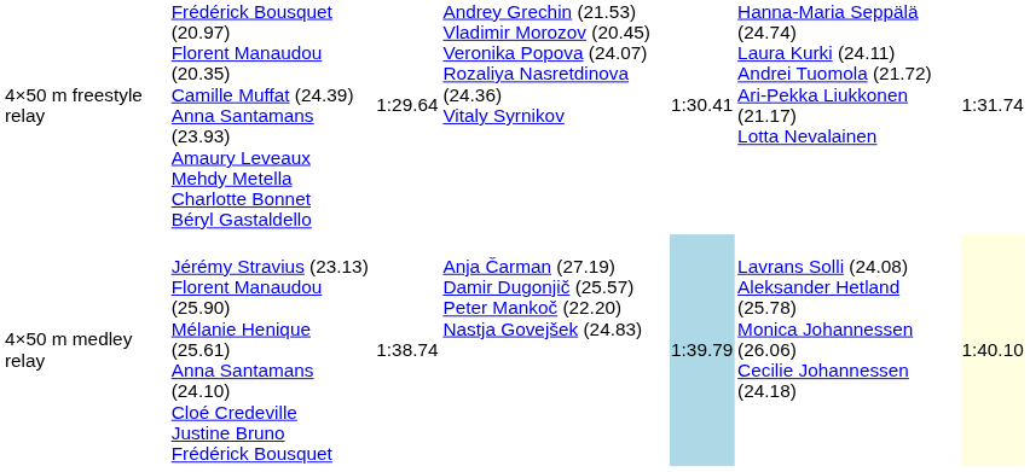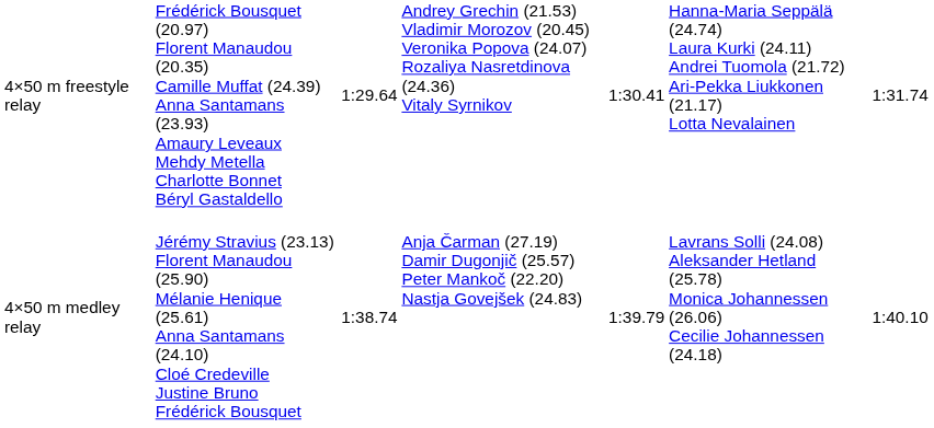 <table>
 <tr>
 <td>4×50 m freestyle relay</td>
 <td valign=top><br><a href='#'>Frédérick Bousquet</a> (20.97)<br><a href='#'>Florent Manaudou</a> (20.35)<br><a href='#'>Camille Muffat</a> (24.39)<br><a href='#'>Anna Santamans</a> (23.93)<br><a href='#'>Amaury Leveaux</a><br><a href='#'>Mehdy Metella</a><br><a href='#'>Charlotte Bonnet</a><br><a href='#'>Béryl Gastaldello</a></td>
 <td>1:29.64</td>
 <td valign=top><br><a href='#'>Andrey Grechin</a> (21.53)<br><a href='#'>Vladimir Morozov</a> (20.45)<br><a href='#'>Veronika Popova</a> (24.07)<br><a href='#'>Rozaliya Nasretdinova</a> (24.36)<br><a href='#'>Vitaly Syrnikov</a></td>
 <td>1:30.41</td>
 <td valign=top><br><a href='#'>Hanna-Maria Seppälä</a> (24.74)<br><a href='#'>Laura Kurki</a> (24.11)<br><a href='#'>Andrei Tuomola</a> (21.72)<br><a href='#'>Ari-Pekka Liukkonen</a> (21.17)<br><a href='#'>Lotta Nevalainen</a></td>
 <td>1:31.74</td>
 </tr>
 <tr>
 <td>4×50 m medley relay</td>
 <td valign=top><br><a href='#'>Jérémy Stravius</a> (23.13)<br><a href='#'>Florent Manaudou</a> (25.90)<br><a href='#'>Mélanie Henique</a> (25.61)<br><a href='#'>Anna Santamans</a> (24.10)<br><a href='#'>Cloé Credeville</a><br><a href='#'>Justine Bruno</a><br><a href='#'>Frédérick Bousquet</a></td>
 <td>1:38.74</td>
 <td valign=top><br><a href='#'>Anja Čarman</a> (27.19)<br><a href='#'>Damir Dugonjič</a> (25.57)<br><a href='#'>Peter Mankoč</a> (22.20)<br><a href='#'>Nastja Govejšek</a> (24.83)</td>
-<td style="background: lightblue;">1:39.79</td>
+<td>1:39.79</td>
 <td valign=top><br><a href='#'>Lavrans Solli</a> (24.08)<br><a href='#'>Aleksander Hetland</a> (25.78)<br><a href='#'>Monica Johannessen</a> (26.06)<br><a href='#'>Cecilie Johannessen</a> (24.18)</td>
-<td style="background: lightyellow;">1:40.10</td>
+<td>1:40.10</td>
 </tr>
 </table>
